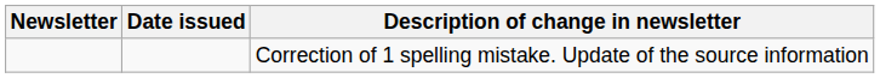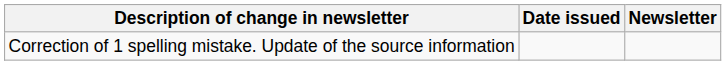 <table class="wikitable">
 <tr>
+<th>Description of change in newsletter</th>
+<th>Date issued</th>
 <th>Newsletter</th>
-<th>Date issued</th>
-<th>Description of change in newsletter</th>
 </tr>
 <tr>
+<td>Correction of 1 spelling mistake. Update of the source information</td>
+<td></td>
 <td id="I-1"></td>
-<td></td>
-<td>Correction of 1 spelling mistake. Update of the source information</td>
 </tr>
 </table>
